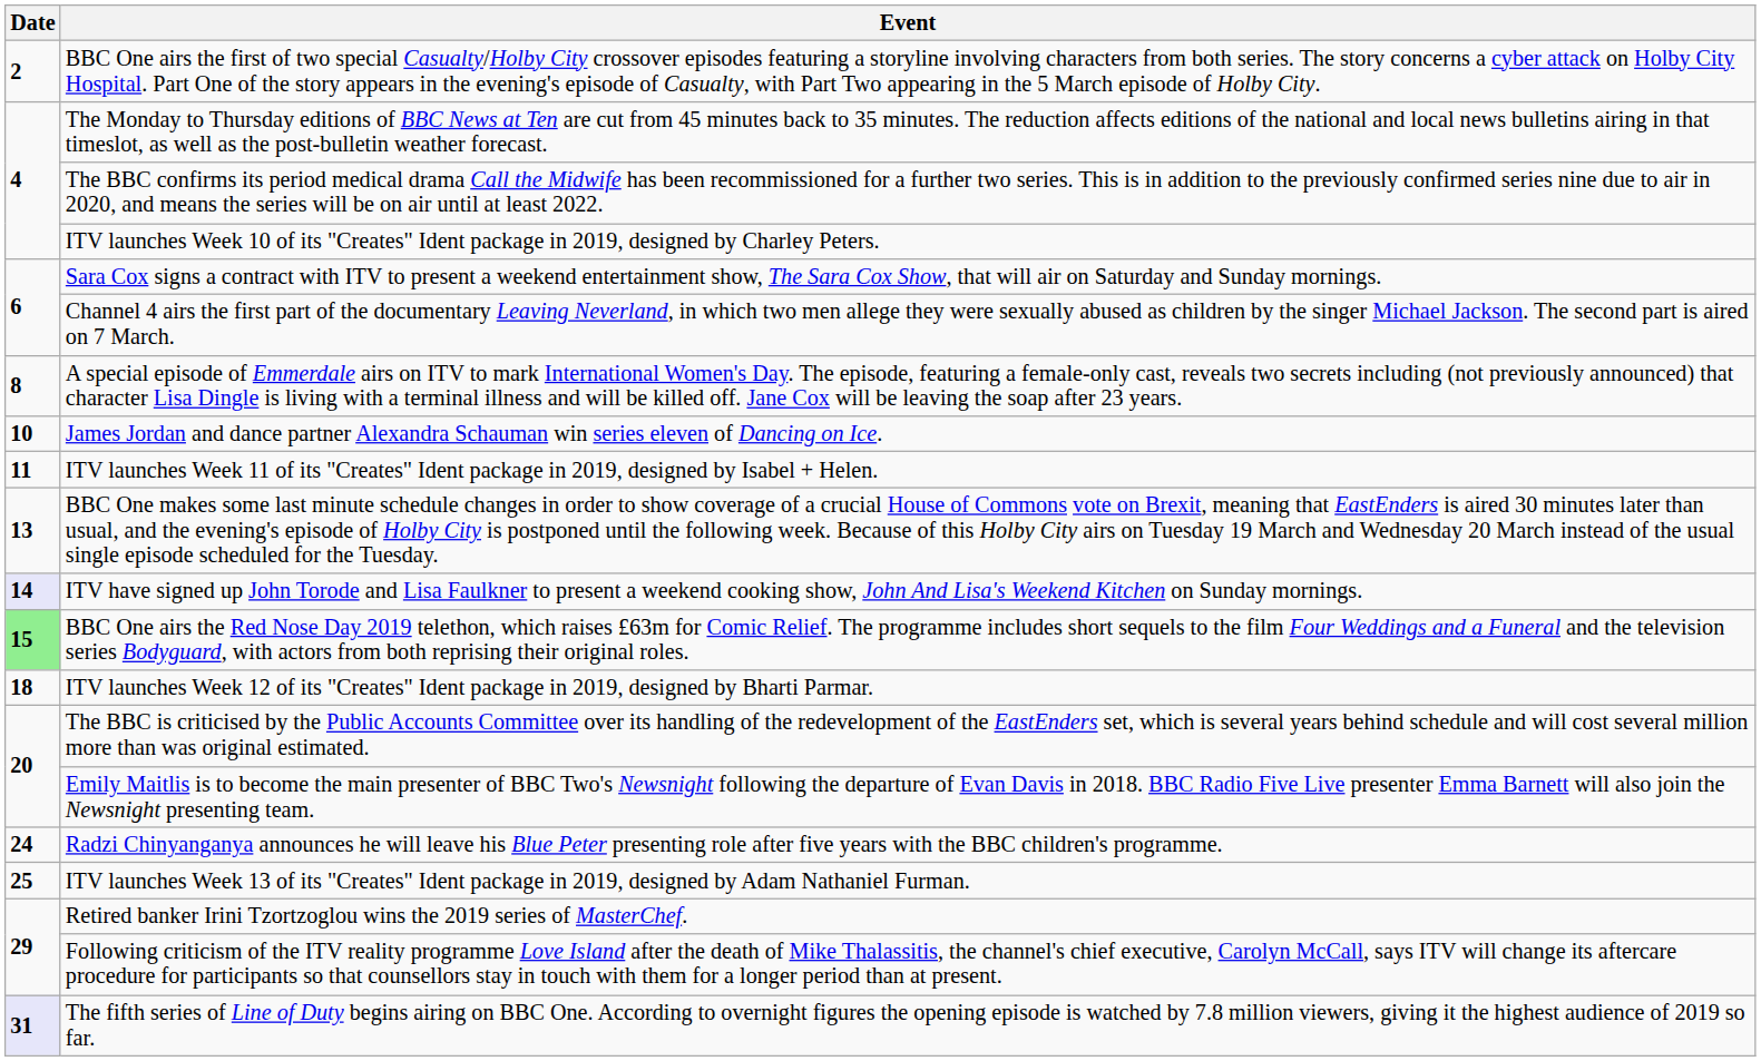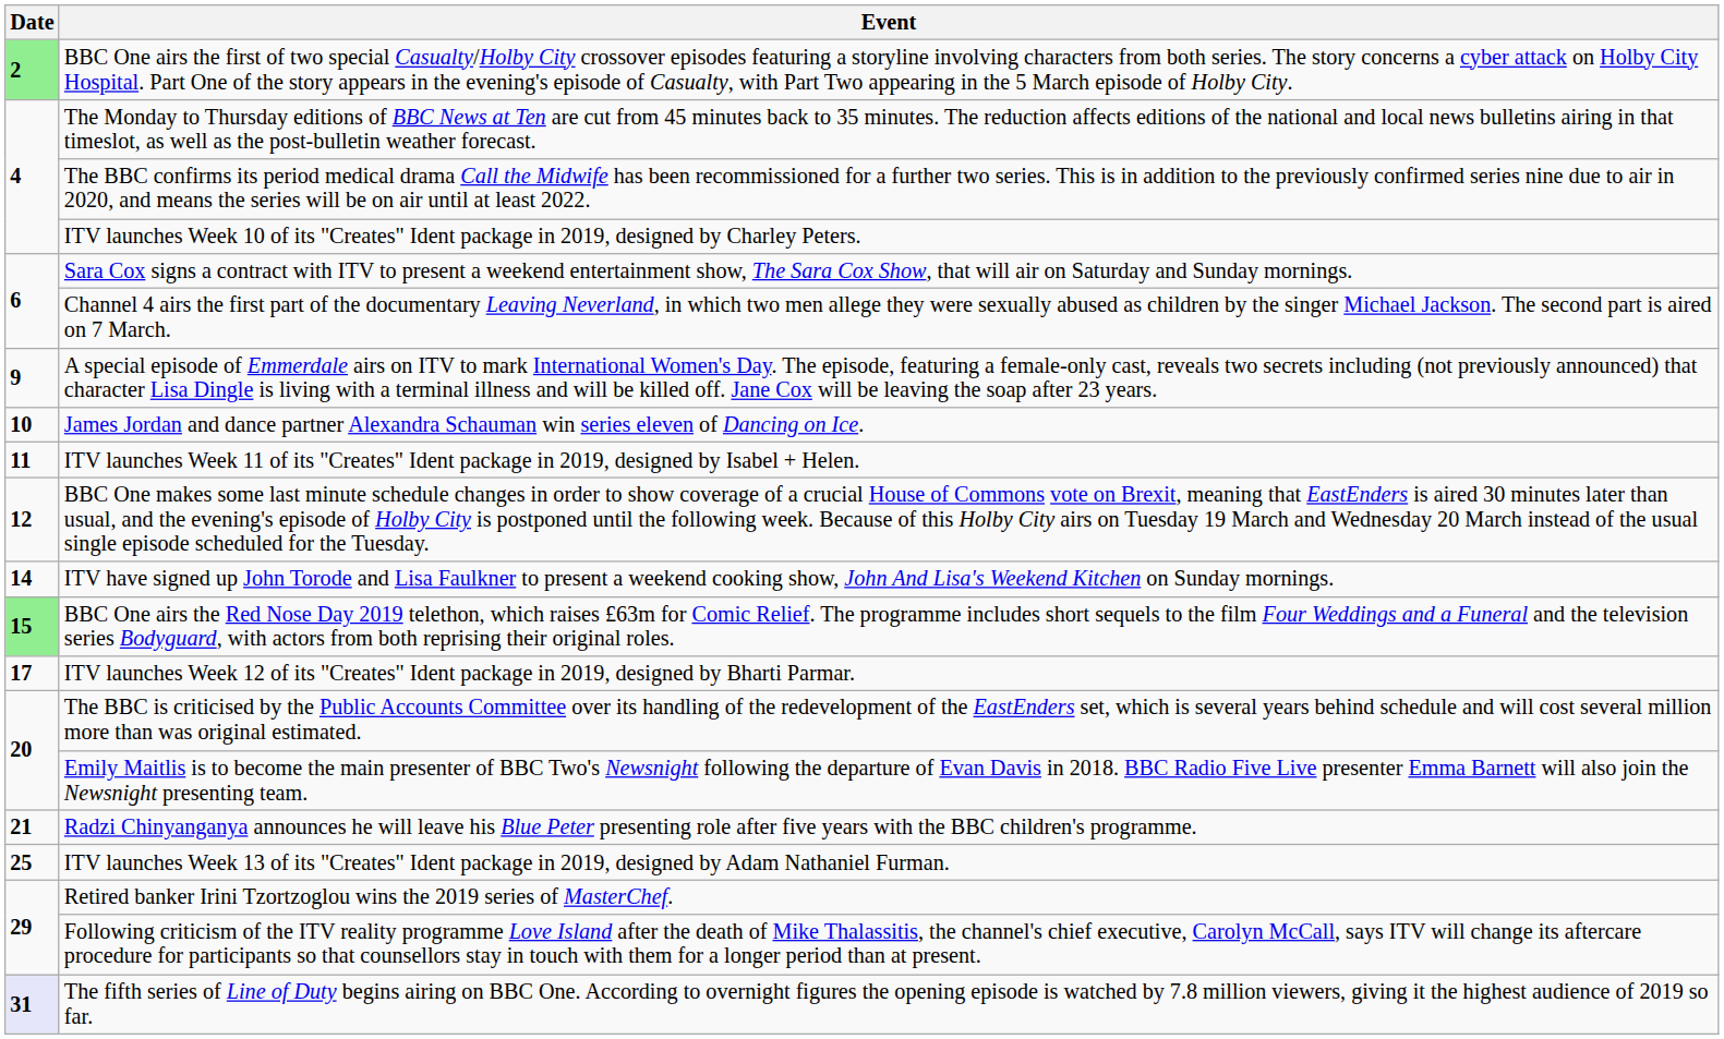 <table class="wikitable">
 <tr>
 <th>Date</th>
 <th>Event</th>
 </tr>
 <tr>
-<td><strong>2</strong></td>
+<td style="background: lightgreen;"><strong>2</strong></td>
 <td>BBC One airs the first of two special <em><a href='#'>Casualty</a></em>/<em><a href='#'>Holby City</a></em> crossover episodes featuring a storyline involving characters from both series. The story concerns a <a href='#'>cyber attack</a> on <a href='#'>Holby City Hospital</a>. Part One of the story appears in the evening's episode of <em>Casualty</em>, with Part Two appearing in the 5 March episode of <em>Holby City</em>.</td>
 </tr>
 <tr>
 <td rowspan="3"><strong>4</strong></td>
 <td>The Monday to Thursday editions of <em><a href='#'>BBC News at Ten</a></em> are cut from 45 minutes back to 35 minutes. The reduction affects editions of the national and local news bulletins airing in that timeslot, as well as the post-bulletin weather forecast.</td>
 </tr>
 <tr>
 <td>The BBC confirms its period medical drama <em><a href='#'>Call the Midwife</a></em> has been recommissioned for a further two series. This is in addition to the previously confirmed series nine due to air in 2020, and means the series will be on air until at least 2022.</td>
 </tr>
 <tr>
 <td>ITV launches Week 10 of its "Creates" Ident package in 2019, designed by Charley Peters.</td>
 </tr>
 <tr>
 <td rowspan=2><strong>6</strong></td>
 <td><a href='#'>Sara Cox</a> signs a contract with ITV to present a weekend entertainment show, <em><a href='#'>The Sara Cox Show</a></em>, that will air on Saturday and Sunday mornings.</td>
 </tr>
 <tr>
 <td>Channel 4 airs the first part of the documentary <em><a href='#'>Leaving Neverland</a></em>, in which two men allege they were sexually abused as children by the singer <a href='#'>Michael Jackson</a>. The second part is aired on 7 March.</td>
 </tr>
 <tr>
-<td><strong>8</strong></td>
+<td><strong>9</strong></td>
 <td>A special episode of <em><a href='#'>Emmerdale</a></em> airs on ITV to mark <a href='#'>International Women's Day</a>. The episode, featuring a female-only cast, reveals two secrets including (not previously announced) that character <a href='#'>Lisa Dingle</a> is living with a terminal illness and will be killed off. <a href='#'>Jane Cox</a> will be leaving the soap after 23 years.</td>
 </tr>
 <tr>
 <td><strong>10</strong></td>
 <td><a href='#'>James Jordan</a> and dance partner <a href='#'>Alexandra Schauman</a> win <a href='#'>series eleven</a> of <em><a href='#'>Dancing on Ice</a></em>.</td>
 </tr>
 <tr>
 <td><strong>11</strong></td>
 <td>ITV launches Week 11 of its "Creates" Ident package in 2019, designed by Isabel + Helen.</td>
 </tr>
 <tr>
-<td><strong>13</strong></td>
+<td><strong>12</strong></td>
 <td>BBC One makes some last minute schedule changes in order to show coverage of a crucial <a href='#'>House of Commons</a> <a href='#'>vote on Brexit</a>, meaning that <em><a href='#'>EastEnders</a></em> is aired 30 minutes later than usual, and the evening's episode of <em><a href='#'>Holby City</a></em> is postponed until the following week. Because of this <em>Holby City</em> airs on Tuesday 19 March and Wednesday 20 March instead of the usual single episode scheduled for the Tuesday.</td>
 </tr>
 <tr>
-<td style="background: lavender;"><strong>14</strong></td>
+<td><strong>14</strong></td>
 <td>ITV have signed up <a href='#'>John Torode</a> and <a href='#'>Lisa Faulkner</a> to present a weekend cooking show, <em><a href='#'>John And Lisa's Weekend Kitchen</a></em> on Sunday mornings.</td>
 </tr>
 <tr>
 <td style="background: lightgreen;"><strong>15</strong></td>
 <td>BBC One airs the <a href='#'>Red Nose Day 2019</a> telethon, which raises £63m for <a href='#'>Comic Relief</a>. The programme includes short sequels to the film <em><a href='#'>Four Weddings and a Funeral</a></em> and the television series <em><a href='#'>Bodyguard</a></em>, with actors from both reprising their original roles.</td>
 </tr>
 <tr>
-<td><strong>18</strong></td>
+<td><strong>17</strong></td>
 <td>ITV launches Week 12 of its "Creates" Ident package in 2019, designed by Bharti Parmar.</td>
 </tr>
 <tr>
 <td rowspan=2><strong>20</strong></td>
 <td>The BBC is criticised by the <a href='#'>Public Accounts Committee</a> over its handling of the redevelopment of the <em><a href='#'>EastEnders</a></em> set, which is several years behind schedule and will cost several million more than was original estimated.</td>
 </tr>
 <tr>
 <td><a href='#'>Emily Maitlis</a> is to become the main presenter of BBC Two's <em><a href='#'>Newsnight</a></em> following the departure of <a href='#'>Evan Davis</a> in 2018. <a href='#'>BBC Radio Five Live</a> presenter <a href='#'>Emma Barnett</a> will also join the <em>Newsnight</em> presenting team.</td>
 </tr>
 <tr>
-<td><strong>24</strong></td>
+<td><strong>21</strong></td>
 <td><a href='#'>Radzi Chinyanganya</a> announces he will leave his <em><a href='#'>Blue Peter</a></em> presenting role after five years with the BBC children's programme.</td>
 </tr>
 <tr>
 <td><strong>25</strong></td>
 <td>ITV launches Week 13 of its "Creates" Ident package in 2019, designed by Adam Nathaniel Furman.</td>
 </tr>
 <tr>
 <td rowspan=2><strong>29</strong></td>
 <td>Retired banker Irini Tzortzoglou wins the 2019 series of <em><a href='#'>MasterChef</a></em>.</td>
 </tr>
 <tr>
 <td>Following criticism of the ITV reality programme <em><a href='#'>Love Island</a></em> after the death of <a href='#'>Mike Thalassitis</a>, the channel's chief executive, <a href='#'>Carolyn McCall</a>, says ITV will change its aftercare procedure for participants so that counsellors stay in touch with them for a longer period than at present.</td>
 </tr>
 <tr>
 <td style="background: lavender;"><strong>31</strong></td>
 <td>The fifth series of <em><a href='#'>Line of Duty</a></em> begins airing on BBC One. According to overnight figures the opening episode is watched by 7.8 million viewers, giving it the highest audience of 2019 so far.</td>
 </tr>
 </table>
